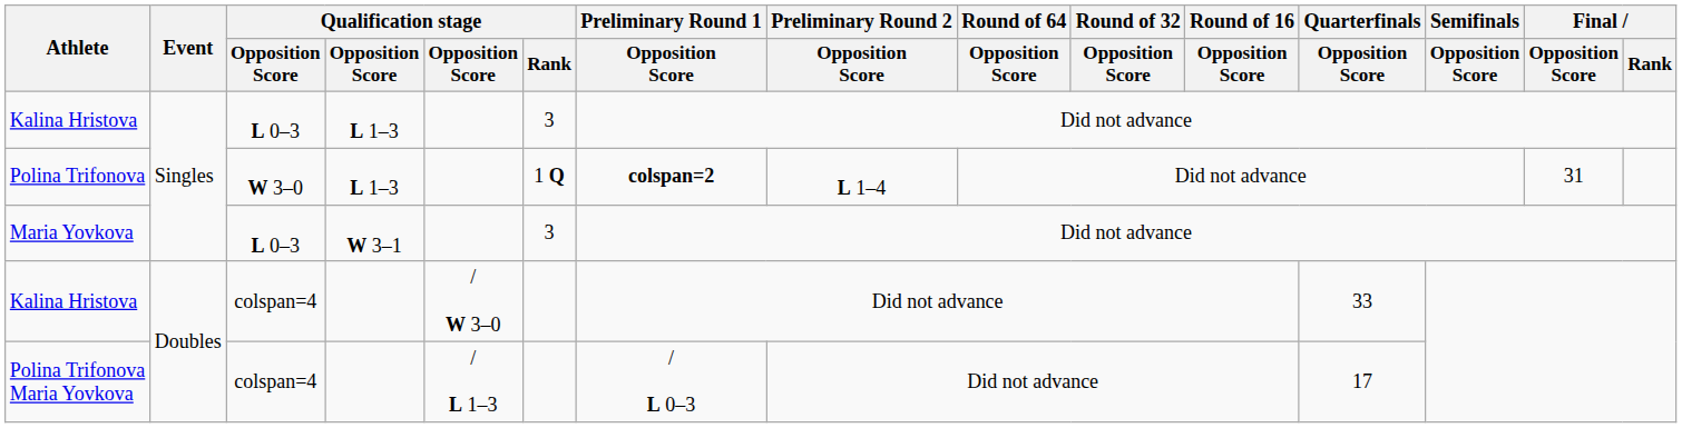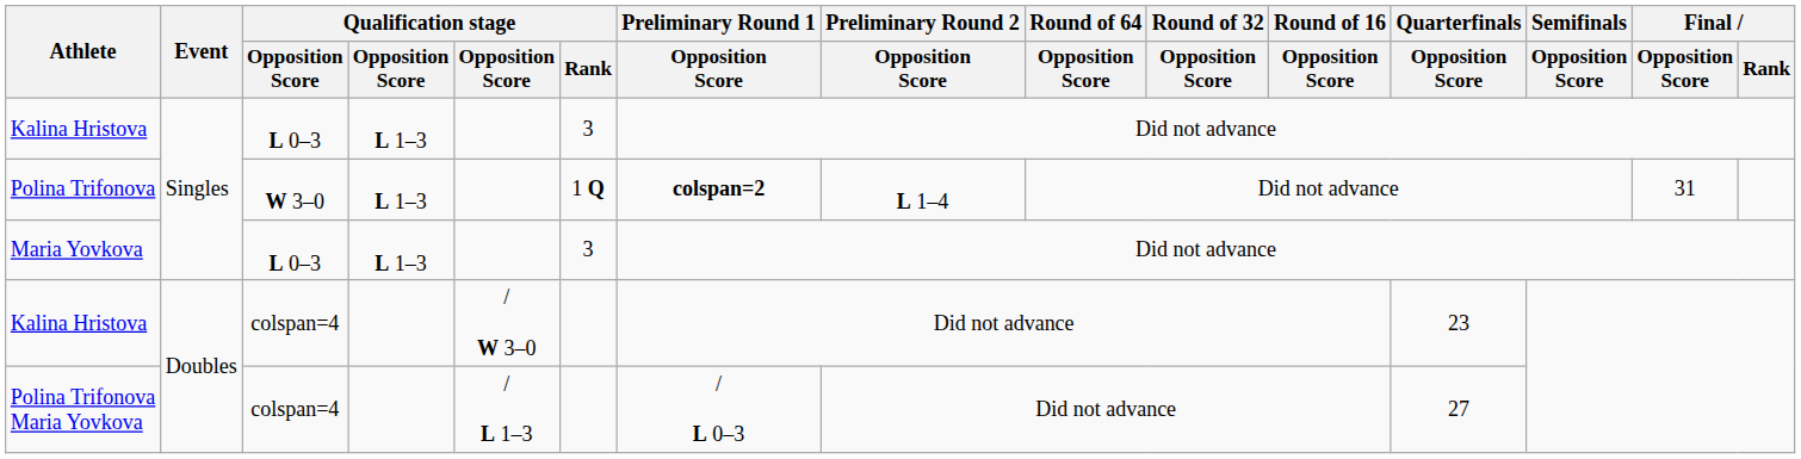 <table class=wikitable style=font-size:90%;text-align:center>
 <tr>
 <th rowspan=2>Athlete</th>
 <th rowspan=2>Event</th>
 <th colspan=4>Qualification stage</th>
 <th>Preliminary Round 1</th>
 <th>Preliminary Round 2</th>
 <th>Round of 64</th>
 <th>Round of 32</th>
 <th>Round of 16</th>
 <th>Quarterfinals</th>
 <th>Semifinals</th>
 <th colspan=2>Final / </th>
 </tr>
 <tr style=font-size:95%>
 <th>Opposition<br>Score</th>
 <th>Opposition<br>Score</th>
 <th>Opposition<br>Score</th>
 <th>Rank</th>
 <th>Opposition<br>Score</th>
 <th>Opposition<br>Score</th>
 <th>Opposition<br>Score</th>
 <th>Opposition<br>Score</th>
 <th>Opposition<br>Score</th>
 <th>Opposition<br>Score</th>
 <th>Opposition<br>Score</th>
 <th>Opposition<br>Score</th>
 <th>Rank</th>
 </tr>
 <tr>
 <td align=left><a href='#'>Kalina Hristova</a></td>
 <td align=left rowspan=3>Singles</td>
 <td><br><strong>L</strong> 0–3</td>
 <td><br><strong>L</strong> 1–3</td>
 <td></td>
 <td>3</td>
 <td colspan=9>Did not advance</td>
 </tr>
 <tr>
 <td align=left><a href='#'>Polina Trifonova</a></td>
 <td><br><strong>W</strong> 3–0</td>
 <td><br><strong>L</strong> 1–3</td>
 <td></td>
 <td>1 <strong>Q</strong></td>
 <td><strong>colspan=2</strong></td>
 <td><br><strong>L</strong> 1–4</td>
 <td colspan=5>Did not advance</td>
 <td>31</td>
 </tr>
 <tr>
 <td align=left><a href='#'>Maria Yovkova</a></td>
 <td><br><strong>L</strong> 0–3</td>
-<td><br><strong>W</strong> 3–1</td>
+<td><br><strong>L</strong> 1–3</td>
 <td></td>
 <td>3</td>
 <td colspan=9>Did not advance</td>
 </tr>
 <tr>
 <td align=left><a href='#'>Kalina Hristova</a><br></td>
 <td rowspan=2>Doubles</td>
 <td>colspan=4</td>
 <td></td>
 <td> /<br><br><strong>W</strong> 3–0</td>
 <td></td>
 <td colspan=5>Did not advance</td>
-<td>33</td>
+<td>23</td>
 </tr>
 <tr>
 <td align=left><a href='#'>Polina Trifonova</a><br><a href='#'>Maria Yovkova</a></td>
 <td>colspan=4</td>
 <td></td>
 <td> /<br><br><strong>L</strong> 1–3</td>
 <td></td>
 <td> /<br><br><strong>L</strong> 0–3</td>
 <td colspan=4>Did not advance</td>
-<td>17</td>
+<td>27</td>
 </tr>
 </table>
